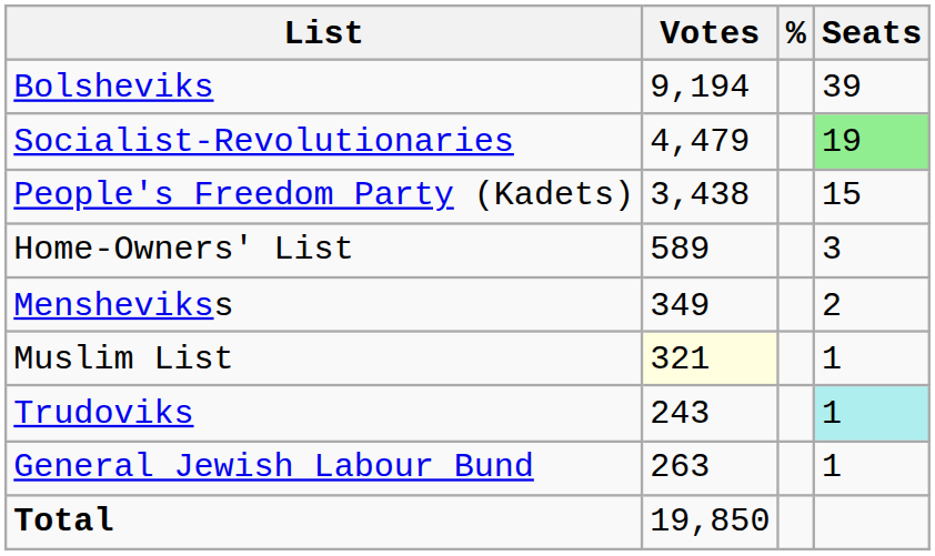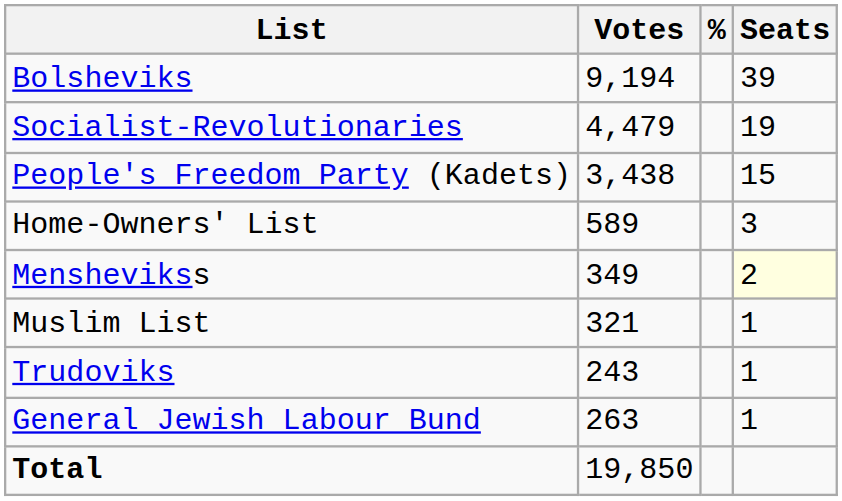 <table class="wikitable">
 <tr>
 <th>List</th>
 <th>Votes</th>
 <th>%</th>
 <th>Seats</th>
 </tr>
 <tr>
 <td><a href='#'>Bolsheviks</a></td>
 <td>9,194</td>
 <td></td>
 <td>39</td>
 </tr>
 <tr>
 <td><a href='#'>Socialist-Revolutionaries</a></td>
 <td>4,479</td>
 <td></td>
-<td style="background: lightgreen;">19</td>
+<td>19</td>
 </tr>
 <tr>
 <td><a href='#'>People's Freedom Party</a> (Kadets)</td>
 <td>3,438</td>
 <td></td>
 <td>15</td>
 </tr>
 <tr>
 <td>Home-Owners' List</td>
 <td>589</td>
 <td></td>
 <td>3</td>
 </tr>
 <tr>
 <td><a href='#'>Mensheviks</a>s</td>
 <td>349</td>
 <td></td>
-<td>2</td>
+<td style="background: lightyellow;">2</td>
 </tr>
 <tr>
 <td>Muslim List</td>
-<td style="background: lightyellow;">321</td>
+<td>321</td>
 <td></td>
 <td>1</td>
 </tr>
 <tr>
 <td><a href='#'>Trudoviks</a></td>
 <td>243</td>
 <td></td>
-<td style="background: paleturquoise;">1</td>
+<td>1</td>
 </tr>
 <tr>
 <td><a href='#'>General Jewish Labour Bund</a></td>
 <td>263</td>
 <td></td>
 <td>1</td>
 </tr>
 <tr>
 <td><strong>Total</strong></td>
 <td>19,850</td>
 <td></td>
 </tr>
 </table>
